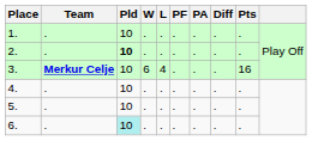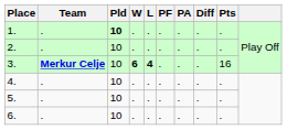 <table class="wikitable">
 <tr>
 <th>Place</th>
 <th>Team</th>
 <th>Pld</th>
 <th>W</th>
 <th>L</th>
 <th>PF</th>
 <th>PA</th>
 <th>Diff</th>
 <th>Pts</th>
 <th></th>
 </tr>
 <tr bgcolor=#ccffcc>
 <td>1.</td>
 <td>.</td>
-<td>10</td>
+<td><strong>10</strong></td>
 <td>.</td>
 <td>.</td>
 <td>.</td>
 <td>.</td>
 <td>.</td>
 <td>.</td>
 <td rowspan="3">Play Off</td>
 </tr>
 <tr bgcolor=#ccffcc>
 <td>2.</td>
 <td>.</td>
-<td><strong>10</strong></td>
+<td>10</td>
 <td>.</td>
 <td>.</td>
 <td>.</td>
 <td>.</td>
 <td>.</td>
 <td>.</td>
 </tr>
 <tr bgcolor=#ccffcc>
 <td>3.</td>
 <td><strong> <a href='#'>Merkur Celje</a></strong></td>
 <td>10</td>
-<td>6</td>
-<td>4</td>
+<td><strong>6</strong></td>
+<td><strong>4</strong></td>
 <td>.</td>
 <td>.</td>
 <td>.</td>
 <td>16</td>
 </tr>
 <tr>
 <td>4.</td>
 <td>.</td>
 <td>10</td>
 <td>.</td>
 <td>.</td>
 <td>.</td>
 <td>.</td>
 <td>.</td>
 <td>.</td>
 <td rowspan="3"></td>
 </tr>
 <tr>
 <td>5.</td>
 <td>.</td>
 <td>10</td>
 <td>.</td>
 <td>.</td>
 <td>.</td>
 <td>.</td>
 <td>.</td>
 <td>.</td>
 </tr>
 <tr>
 <td>6.</td>
 <td>.</td>
-<td style="background: paleturquoise;">10</td>
+<td>10</td>
 <td>.</td>
 <td>.</td>
 <td>.</td>
 <td>.</td>
 <td>.</td>
 <td>.</td>
 </tr>
 </table>
